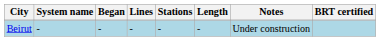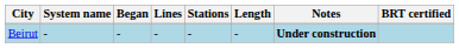 <table class="wikitable">
 <tr>
 <th>City</th>
 <th>System name</th>
 <th>Began</th>
 <th>Lines</th>
 <th>Stations</th>
 <th>Length</th>
 <th>Notes</th>
 <th>BRT certified</th>
 </tr>
 <tr>
 </tr>
 <tr style="background:lightblue;">
 <td><a href='#'>Beirut</a></td>
 <td>-</td>
 <td>-</td>
 <td>-</td>
 <td>-</td>
 <td>-</td>
-<td>Under construction</td>
+<td><strong>Under construction</strong></td>
 <td></td>
 </tr>
 </table>
